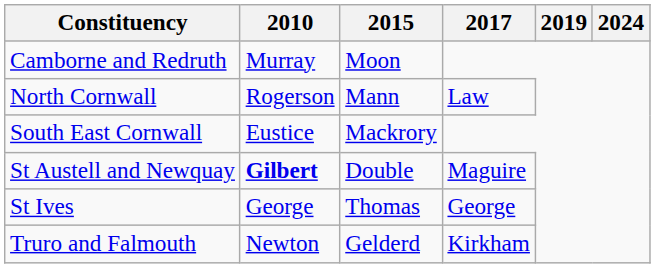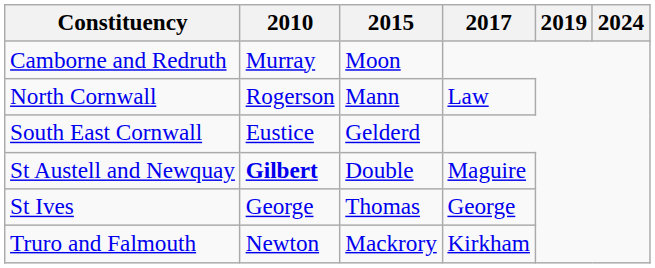 <table class="wikitable">
 <tr>
 <th>Constituency</th>
 <th>2010</th>
 <th>2015</th>
 <th>2017</th>
 <th>2019</th>
 <th>2024</th>
 </tr>
 <tr>
 <td><a href='#'>Camborne and Redruth</a></td>
 <td><a href='#'>Murray</a></td>
 <td><a href='#'>Moon</a></td>
 </tr>
 <tr>
 <td><a href='#'>North Cornwall</a></td>
 <td><a href='#'>Rogerson</a></td>
 <td><a href='#'>Mann</a></td>
 <td><a href='#'>Law</a></td>
 </tr>
 <tr>
 <td><a href='#'>South East Cornwall</a></td>
 <td><a href='#'>Eustice</a></td>
-<td><a href='#'>Mackrory</a></td>
+<td><a href='#'>Gelderd</a></td>
 </tr>
 <tr>
 <td><a href='#'>St Austell and Newquay</a></td>
 <td><strong><a href='#'>Gilbert</a></strong></td>
 <td><a href='#'>Double</a></td>
 <td><a href='#'>Maguire</a></td>
 </tr>
 <tr>
 <td><a href='#'>St Ives</a></td>
 <td><a href='#'>George</a></td>
 <td><a href='#'>Thomas</a></td>
 <td><a href='#'>George</a></td>
 </tr>
 <tr>
 <td><a href='#'>Truro and Falmouth</a></td>
 <td><a href='#'>Newton</a></td>
-<td><a href='#'>Gelderd</a></td>
+<td><a href='#'>Mackrory</a></td>
 <td><a href='#'>Kirkham</a></td>
 </tr>
 </table>
